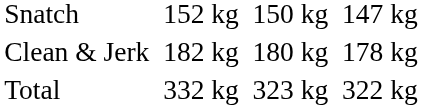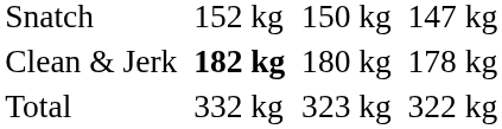 <table>
 <tr>
 <td>Snatch</td>
 <td></td>
 <td>152 kg</td>
 <td></td>
 <td>150 kg</td>
 <td></td>
 <td>147 kg</td>
 </tr>
 <tr>
 <td>Clean & Jerk</td>
 <td></td>
-<td>182 kg</td>
+<td><strong>182 kg</strong></td>
 <td></td>
 <td>180 kg</td>
 <td></td>
 <td>178 kg</td>
 </tr>
 <tr>
 <td>Total</td>
 <td></td>
 <td>332 kg</td>
 <td></td>
 <td>323 kg</td>
 <td></td>
 <td>322 kg</td>
 </tr>
 </table>
